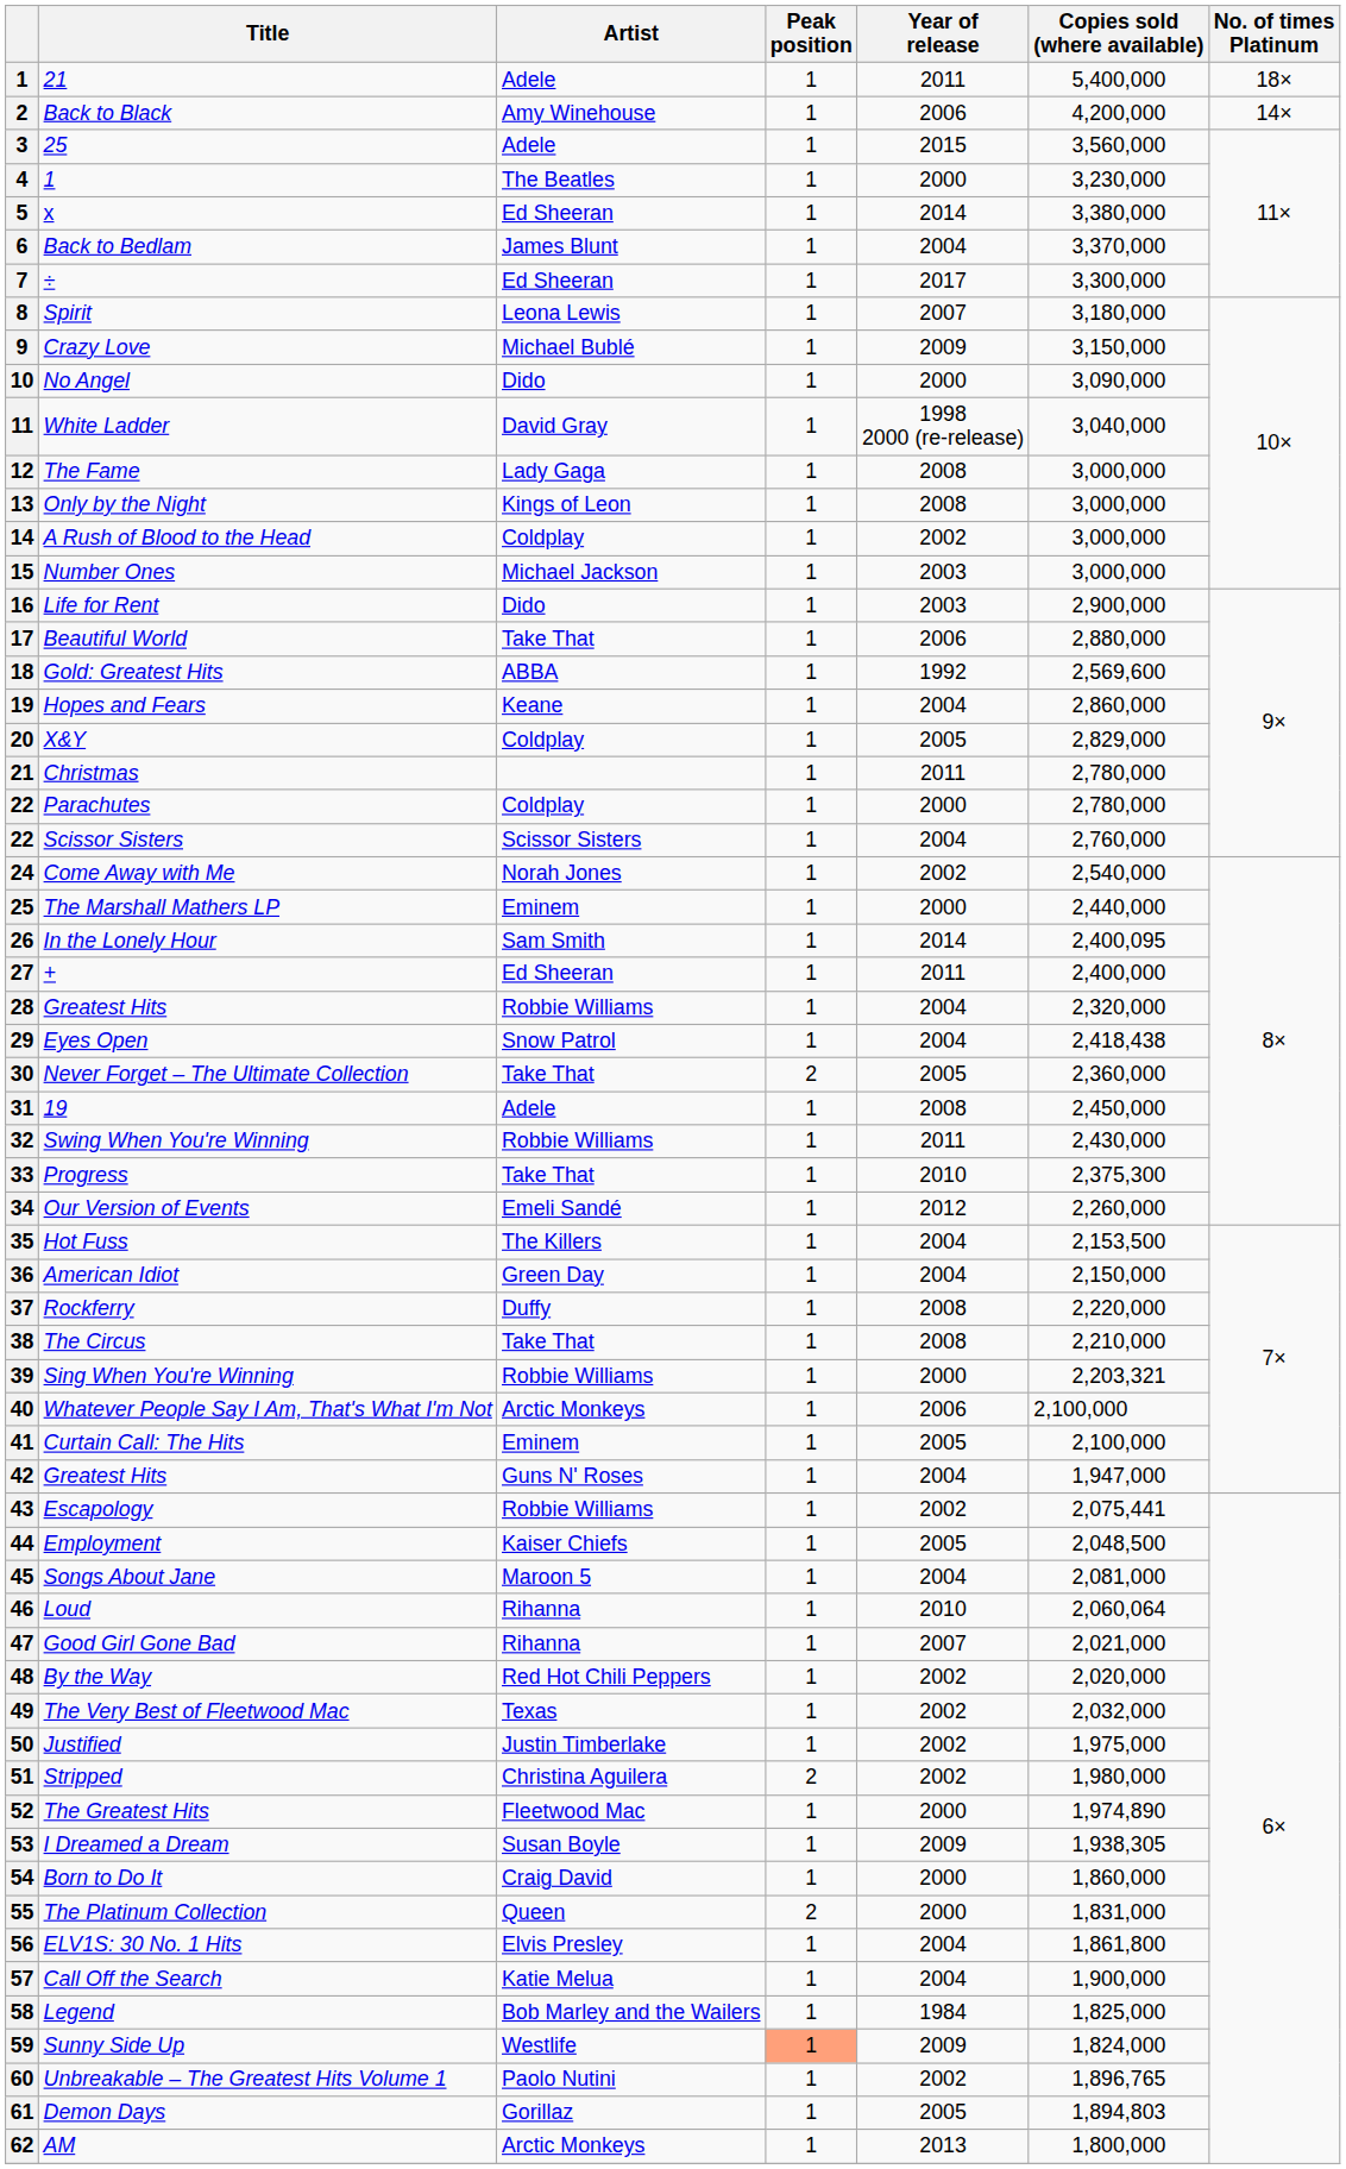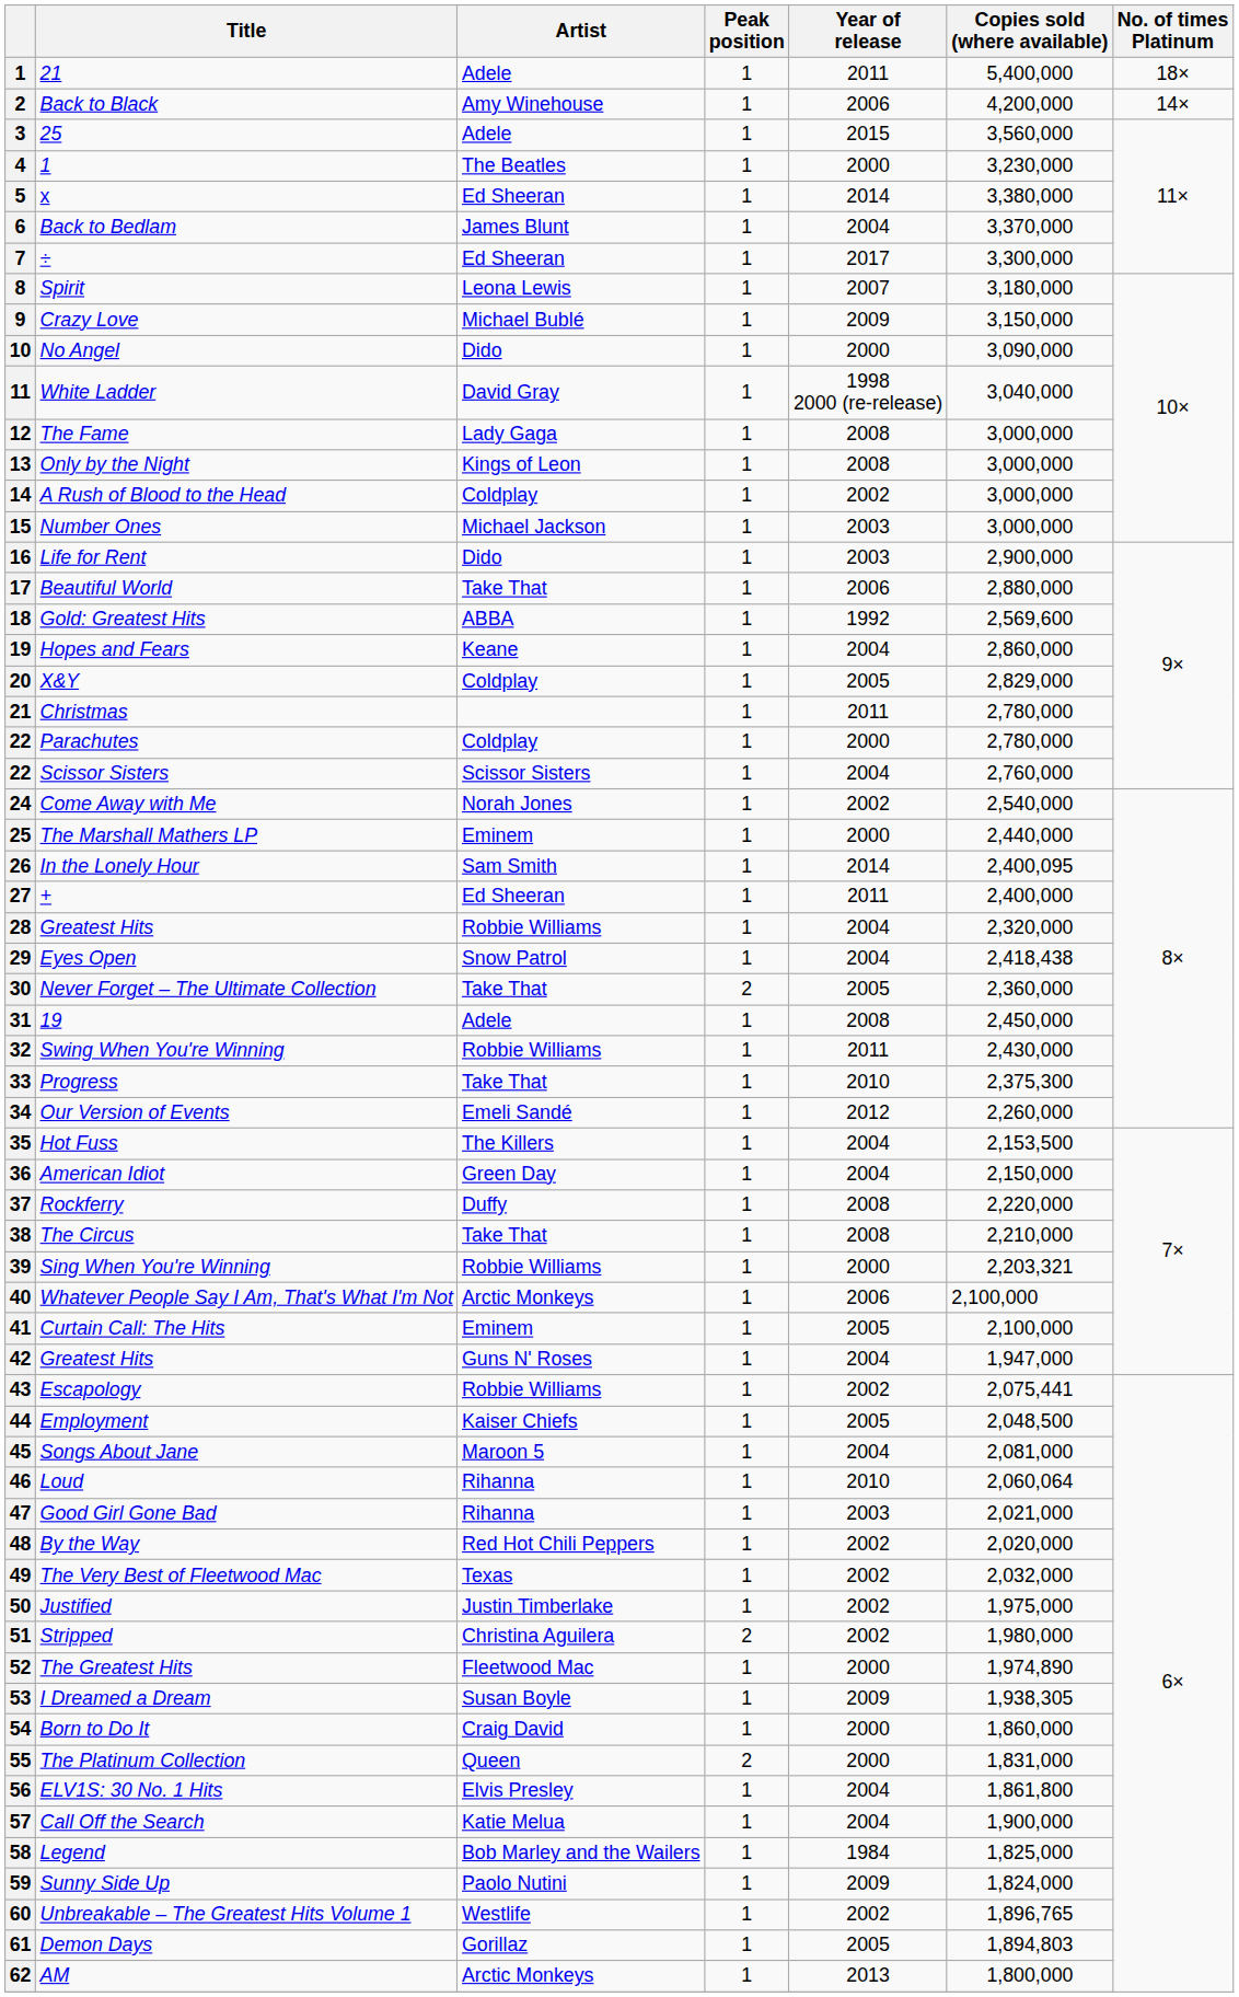 <table class="wikitable sortable plainrowheaders">
 <tr>
 <th scope="col"></th>
 <th scope="col">Title</th>
 <th scope="col">Artist</th>
 <th scope="col">Peak<br>position</th>
 <th scope="col">Year of<br>release</th>
 <th scope="col">Copies sold<br>(where available)</th>
 <th scope="col">No. of times<br>Platinum</th>
 </tr>
 <tr>
 <th scope=row style="text-align:center;">1</th>
 <td><em><a href='#'>21</a></em></td>
 <td><a href='#'>Adele</a></td>
 <td style="text-align:center;">1</td>
 <td style="text-align:center;">2011</td>
 <td style="text-align:center;">5,400,000</td>
 <td style="text-align:center;">18×</td>
 </tr>
 <tr>
 <th scope=row style="text-align:center;">2</th>
 <td><em><a href='#'>Back to Black</a></em></td>
 <td><a href='#'>Amy Winehouse</a></td>
 <td style="text-align:center;">1</td>
 <td style="text-align:center;">2006</td>
 <td style="text-align:center;">4,200,000</td>
 <td style="text-align:center;">14×</td>
 </tr>
 <tr>
 <th scope=row style="text-align:center;">3</th>
 <td><em><a href='#'>25</a></em></td>
 <td><a href='#'>Adele</a></td>
 <td style="text-align:center;">1</td>
 <td style="text-align:center;">2015</td>
 <td style="text-align:center;">3,560,000</td>
 <td style="text-align:center;" rowspan=5>11×</td>
 </tr>
 <tr>
 <th scope=row style="text-align:center;">4</th>
 <td><em><a href='#'>1</a></em></td>
 <td><a href='#'>The Beatles</a></td>
 <td style="text-align:center;">1</td>
 <td style="text-align:center;">2000</td>
 <td style="text-align:center;">3,230,000</td>
 </tr>
 <tr>
 <th scope=row style="text-align:center;">5</th>
 <td><a href='#'>x</a></td>
 <td><a href='#'>Ed Sheeran</a></td>
 <td style="text-align:center;">1</td>
 <td style="text-align:center;">2014</td>
 <td style="text-align:center;">3,380,000</td>
 </tr>
 <tr>
 <th scope=row style="text-align:center;">6</th>
 <td><em><a href='#'>Back to Bedlam</a></em></td>
 <td><a href='#'>James Blunt</a></td>
 <td style="text-align:center;">1</td>
 <td style="text-align:center;">2004</td>
 <td style="text-align:center;">3,370,000</td>
 </tr>
 <tr>
 <th scope=row style="text-align:center;">7</th>
 <td><em><a href='#'>÷</a></em></td>
 <td><a href='#'>Ed Sheeran</a></td>
 <td style="text-align:center;">1</td>
 <td style="text-align:center;">2017</td>
 <td style="text-align:center;">3,300,000</td>
 </tr>
 <tr>
 <th scope=row style="text-align:center;">8</th>
 <td><em><a href='#'>Spirit</a></em></td>
 <td><a href='#'>Leona Lewis</a></td>
 <td style="text-align:center;">1</td>
 <td style="text-align:center;">2007</td>
 <td style="text-align:center;">3,180,000</td>
 <td style="text-align:center;"rowspan="8">10×</td>
 </tr>
 <tr>
 <th scope=row style="text-align:center;">9</th>
 <td><em><a href='#'>Crazy Love</a></em></td>
 <td><a href='#'>Michael Bublé</a></td>
 <td style="text-align:center;">1</td>
 <td style="text-align:center;">2009</td>
 <td style="text-align:center;">3,150,000</td>
 </tr>
 <tr>
 <th scope=row style="text-align:center;">10</th>
 <td><em><a href='#'>No Angel</a></em></td>
 <td><a href='#'>Dido</a></td>
 <td style="text-align:center;">1</td>
 <td style="text-align:center;">2000</td>
 <td style="text-align:center;">3,090,000</td>
 </tr>
 <tr>
 <th scope=row style="text-align:center;">11</th>
 <td><em><a href='#'>White Ladder</a></em></td>
 <td><a href='#'>David Gray</a></td>
 <td style="text-align:center;">1</td>
 <td style="text-align:center;">1998<br>2000 (re-release)</td>
 <td style="text-align:center;">3,040,000</td>
 </tr>
 <tr>
 <th scope=row style="text-align:center;">12</th>
 <td><em><a href='#'>The Fame</a></em></td>
 <td><a href='#'>Lady Gaga</a></td>
 <td style="text-align:center;">1</td>
 <td style="text-align:center;">2008</td>
 <td style="text-align:center;">3,000,000</td>
 </tr>
 <tr>
 <th scope=row style="text-align:center;">13</th>
 <td><em><a href='#'>Only by the Night</a></em></td>
 <td><a href='#'>Kings of Leon</a></td>
 <td style="text-align:center;">1</td>
 <td style="text-align:center;">2008</td>
 <td style="text-align:center;">3,000,000</td>
 </tr>
 <tr>
 <th scope=row style="text-align:center;">14</th>
 <td><em><a href='#'>A Rush of Blood to the Head</a></em></td>
 <td><a href='#'>Coldplay</a></td>
 <td style="text-align:center;">1</td>
 <td style="text-align:center;">2002</td>
 <td style="text-align:center;">3,000,000</td>
 </tr>
 <tr>
 <th scope=row style="text-align:center;">15</th>
 <td><em><a href='#'>Number Ones</a></em></td>
 <td><a href='#'>Michael Jackson</a></td>
 <td style="text-align:center;">1</td>
 <td style="text-align:center;">2003</td>
 <td style="text-align:center;">3,000,000</td>
 </tr>
 <tr>
 <th scope=row style="text-align:center;">16</th>
 <td><em><a href='#'>Life for Rent</a></em></td>
 <td><a href='#'>Dido</a></td>
 <td style="text-align:center;">1</td>
 <td style="text-align:center;">2003</td>
 <td style="text-align:center;">2,900,000</td>
 <td style="text-align:center;"rowspan=8>9×</td>
 </tr>
 <tr>
 <th scope=row style="text-align:center;">17</th>
 <td><em><a href='#'>Beautiful World</a></em></td>
 <td><a href='#'>Take That</a></td>
 <td style="text-align:center;">1</td>
 <td style="text-align:center;">2006</td>
 <td style="text-align:center;">2,880,000</td>
 </tr>
 <tr>
 <th scope=row style="text-align:center;">18</th>
 <td><em><a href='#'>Gold: Greatest Hits</a></em></td>
 <td><a href='#'>ABBA</a></td>
 <td style="text-align:center;">1</td>
 <td style="text-align:center;">1992</td>
 <td style="text-align:center;">2,569,600</td>
 </tr>
 <tr>
 <th scope=row style="text-align:center;">19</th>
 <td><em><a href='#'>Hopes and Fears</a></em></td>
 <td><a href='#'>Keane</a></td>
 <td style="text-align:center;">1</td>
 <td style="text-align:center;">2004</td>
 <td style="text-align:center;">2,860,000</td>
 </tr>
 <tr>
 <th scope=row style="text-align:center;">20</th>
 <td><em><a href='#'>X&Y</a></em></td>
 <td><a href='#'>Coldplay</a></td>
 <td style="text-align:center;">1</td>
 <td style="text-align:center;">2005</td>
 <td style="text-align:center;">2,829,000</td>
 </tr>
 <tr>
 <th scope=row style="text-align:center;">21</th>
 <td><em><a href='#'>Christmas</a></em></td>
 <td></td>
 <td style="text-align:center;">1</td>
 <td style="text-align:center;">2011</td>
 <td style="text-align:center;">2,780,000</td>
 </tr>
 <tr>
 <th scope=row style="text-align:center;">22</th>
 <td><em><a href='#'>Parachutes</a></em></td>
 <td><a href='#'>Coldplay</a></td>
 <td style="text-align:center;">1</td>
 <td style="text-align:center;">2000</td>
 <td style="text-align:center;">2,780,000</td>
 </tr>
 <tr>
 <th scope=row style="text-align:center;">22</th>
 <td><em><a href='#'>Scissor Sisters</a></em></td>
 <td><a href='#'>Scissor Sisters</a></td>
 <td style="text-align:center;">1</td>
 <td style="text-align:center;">2004</td>
 <td style="text-align:center;">2,760,000</td>
 </tr>
 <tr>
 <th scope=row style="text-align:center;">24</th>
 <td><em><a href='#'>Come Away with Me</a></em></td>
 <td><a href='#'>Norah Jones</a></td>
 <td style="text-align:center;">1</td>
 <td style="text-align:center;">2002</td>
 <td style="text-align:center;">2,540,000</td>
 <td style="text-align:center;"rowspan=11>8×</td>
 </tr>
 <tr>
 <th scope=row style="text-align:center;">25</th>
 <td><em><a href='#'>The Marshall Mathers LP</a></em></td>
 <td><a href='#'>Eminem</a></td>
 <td style="text-align:center;">1</td>
 <td style="text-align:center;">2000</td>
 <td style="text-align:center;">2,440,000</td>
 </tr>
 <tr>
 <th scope=row style="text-align:center;">26</th>
 <td><em><a href='#'>In the Lonely Hour</a></em></td>
 <td><a href='#'>Sam Smith</a></td>
 <td style="text-align:center;">1</td>
 <td style="text-align:center;">2014</td>
 <td style="text-align:center;">2,400,095</td>
 </tr>
 <tr>
 <th scope=row style="text-align:center;">27</th>
 <td><em><a href='#'>+</a></em></td>
 <td><a href='#'>Ed Sheeran</a></td>
 <td style="text-align:center;">1</td>
 <td style="text-align:center;">2011</td>
 <td style="text-align:center;">2,400,000</td>
 </tr>
 <tr>
 <th scope=row style="text-align:center;">28</th>
 <td><em><a href='#'>Greatest Hits</a></em></td>
 <td><a href='#'>Robbie Williams</a></td>
 <td style="text-align:center;">1</td>
 <td style="text-align:center;">2004</td>
 <td style="text-align:center;">2,320,000</td>
 </tr>
 <tr>
 <th scope=row style="text-align:center;">29</th>
 <td><em><a href='#'>Eyes Open</a></em></td>
 <td><a href='#'>Snow Patrol</a></td>
 <td style="text-align:center;">1</td>
 <td style="text-align:center;">2004</td>
 <td style="text-align:center;">2,418,438</td>
 </tr>
 <tr>
 <th scope=row style="text-align:center;">30</th>
 <td><em><a href='#'>Never Forget – The Ultimate Collection</a></em></td>
 <td><a href='#'>Take That</a></td>
 <td style="text-align:center;">2</td>
 <td style="text-align:center;">2005</td>
 <td style="text-align:center;">2,360,000</td>
 </tr>
 <tr>
 <th scope=row style="text-align:center;">31</th>
 <td><em><a href='#'>19</a></em></td>
 <td><a href='#'>Adele</a></td>
 <td style="text-align:center;">1</td>
 <td style="text-align:center;">2008</td>
 <td style="text-align:center;">2,450,000</td>
 </tr>
 <tr>
 <th scope=row style="text-align:center;">32</th>
 <td><em><a href='#'>Swing When You're Winning</a></em></td>
 <td><a href='#'>Robbie Williams</a></td>
 <td style="text-align:center;">1</td>
 <td style="text-align:center;">2011</td>
 <td style="text-align:center;">2,430,000</td>
 </tr>
 <tr>
 <th scope=row style="text-align:center;">33</th>
 <td><em><a href='#'>Progress</a></em></td>
 <td><a href='#'>Take That</a></td>
 <td style="text-align:center;">1</td>
 <td style="text-align:center;">2010</td>
 <td style="text-align:center;">2,375,300</td>
 </tr>
 <tr>
 <th scope=row style="text-align:center;">34</th>
 <td><em><a href='#'>Our Version of Events</a></em></td>
 <td><a href='#'>Emeli Sandé</a></td>
 <td style="text-align:center;">1</td>
 <td style="text-align:center;">2012</td>
 <td style="text-align:center;">2,260,000</td>
 </tr>
 <tr>
 <th scope=row style="text-align:center;">35</th>
 <td><em><a href='#'>Hot Fuss</a></em></td>
 <td><a href='#'>The Killers</a></td>
 <td style="text-align:center;">1</td>
 <td style="text-align:center;">2004</td>
 <td style="text-align:center;">2,153,500</td>
 <td rowspan="8" style="text-align:center;">7×</td>
 </tr>
 <tr>
 <th scope=row style="text-align:center;">36</th>
 <td><em><a href='#'>American Idiot</a></em></td>
 <td><a href='#'>Green Day</a></td>
 <td style="text-align:center;">1</td>
 <td style="text-align:center;">2004</td>
 <td style="text-align:center;">2,150,000</td>
 </tr>
 <tr>
 <th scope=row style="text-align:center;">37</th>
 <td><em><a href='#'>Rockferry</a></em></td>
 <td><a href='#'>Duffy</a></td>
 <td style="text-align:center;">1</td>
 <td style="text-align:center;">2008</td>
 <td style="text-align:center;">2,220,000</td>
 </tr>
 <tr>
 <th scope=row style="text-align:center;">38</th>
 <td><em><a href='#'>The Circus</a></em></td>
 <td><a href='#'>Take That</a></td>
 <td style="text-align:center;">1</td>
 <td style="text-align:center;">2008</td>
 <td style="text-align:center;">2,210,000</td>
 </tr>
 <tr>
 <th scope=row style="text-align:center;">39</th>
 <td><em><a href='#'>Sing When You're Winning</a></em></td>
 <td><a href='#'>Robbie Williams</a></td>
 <td style="text-align:center;">1</td>
 <td style="text-align:center;">2000</td>
 <td style="text-align:center;">2,203,321</td>
 </tr>
 <tr>
 <th scope=row style="text-align:center;">40</th>
 <td><em><a href='#'>Whatever People Say I Am, That's What I'm Not</a></em></td>
 <td><a href='#'>Arctic Monkeys</a></td>
 <td style="text-align:center;">1</td>
 <td style="text-align:center;">2006</td>
 <td>2,100,000 </td>
 </tr>
 <tr>
 <th scope="row" style="text-align:center;">41</th>
 <td><em><a href='#'>Curtain Call: The Hits</a></em></td>
 <td><a href='#'>Eminem</a></td>
 <td style="text-align:center;">1</td>
 <td style="text-align:center;">2005</td>
 <td style="text-align:center;">2,100,000</td>
 </tr>
 <tr>
 <th scope="row" style="text-align:center;">42</th>
 <td><em><a href='#'>Greatest Hits</a></em></td>
 <td><a href='#'>Guns N' Roses</a></td>
 <td style="text-align:center;">1</td>
 <td style="text-align:center;">2004</td>
 <td style="text-align:center;">1,947,000</td>
 </tr>
 <tr>
 <th scope="row" style="text-align:center;">43</th>
 <td><em><a href='#'>Escapology</a></em></td>
 <td><a href='#'>Robbie Williams</a></td>
 <td style="text-align:center;">1</td>
 <td style="text-align:center;">2002</td>
 <td style="text-align:center;">2,075,441</td>
 <td rowspan="21" style="text-align:center;">6×</td>
 </tr>
 <tr>
 <th scope="row" style="text-align:center;">44</th>
 <td><em><a href='#'>Employment</a></em></td>
 <td><a href='#'>Kaiser Chiefs</a></td>
 <td style="text-align:center;">1</td>
 <td style="text-align:center;">2005</td>
 <td style="text-align:center;">2,048,500</td>
 </tr>
 <tr>
 <th scope="row" style="text-align:center;">45</th>
 <td><em><a href='#'>Songs About Jane</a></em></td>
 <td><a href='#'>Maroon 5</a></td>
 <td style="text-align:center;">1</td>
 <td style="text-align:center;">2004</td>
 <td style="text-align:center;">2,081,000</td>
 </tr>
 <tr>
 <th scope="row" style="text-align:center;">46</th>
 <td><em><a href='#'>Loud</a></em></td>
 <td><a href='#'>Rihanna</a></td>
 <td style="text-align:center;">1</td>
 <td style="text-align:center;">2010</td>
 <td style="text-align:center;">2,060,064</td>
 </tr>
 <tr>
 <th scope="row" style="text-align:center;">47</th>
 <td><em><a href='#'>Good Girl Gone Bad</a></em></td>
 <td><a href='#'>Rihanna</a></td>
 <td style="text-align:center;">1</td>
-<td style="text-align:center;">2007</td>
+<td style="text-align:center;">2003</td>
 <td style="text-align:center;">2,021,000</td>
 </tr>
 <tr>
 <th scope="row" style="text-align:center;">48</th>
 <td><em><a href='#'>By the Way</a></em></td>
 <td><a href='#'>Red Hot Chili Peppers</a></td>
 <td style="text-align:center;">1</td>
 <td style="text-align:center;">2002</td>
 <td style="text-align:center;">2,020,000</td>
 </tr>
 <tr>
 <th scope="row" style="text-align:center;">49</th>
 <td><em><a href='#'>The Very Best of Fleetwood Mac</a></em></td>
 <td><a href='#'>Texas</a></td>
 <td style="text-align:center;">1</td>
 <td style="text-align:center;">2002</td>
 <td style="text-align:center;">2,032,000</td>
 </tr>
 <tr>
 <th scope="row" style="text-align:center;">50</th>
 <td><em><a href='#'>Justified</a></em></td>
 <td><a href='#'>Justin Timberlake</a></td>
 <td style="text-align:center;">1</td>
 <td style="text-align:center;">2002</td>
 <td style="text-align:center;">1,975,000</td>
 </tr>
 <tr>
 <th scope="row" style="text-align:center;">51</th>
 <td><em><a href='#'>Stripped</a></em></td>
 <td><a href='#'>Christina Aguilera</a></td>
 <td style="text-align:center;">2</td>
 <td style="text-align:center;">2002</td>
 <td style="text-align:center;">1,980,000</td>
 </tr>
 <tr>
 <th scope="row" style="text-align:center;">52</th>
 <td><em><a href='#'>The Greatest Hits</a></em></td>
 <td><a href='#'>Fleetwood Mac</a></td>
 <td style="text-align:center;">1</td>
 <td style="text-align:center;">2000</td>
 <td style="text-align:center;">1,974,890</td>
 </tr>
 <tr>
 <th scope="row" style="text-align:center;">53</th>
 <td><em><a href='#'>I Dreamed a Dream</a></em></td>
 <td><a href='#'>Susan Boyle</a></td>
 <td style="text-align:center;">1</td>
 <td style="text-align:center;">2009</td>
 <td style="text-align:center;">1,938,305</td>
 </tr>
 <tr>
 <th scope="row" style="text-align:center;">54</th>
 <td><em><a href='#'>Born to Do It</a></em></td>
 <td><a href='#'>Craig David</a></td>
 <td style="text-align:center;">1</td>
 <td style="text-align:center;">2000</td>
 <td style="text-align:center;">1,860,000</td>
 </tr>
 <tr>
 <th scope="row" style="text-align:center;">55</th>
 <td><em><a href='#'>The Platinum Collection</a></em></td>
 <td><a href='#'>Queen</a></td>
 <td style="text-align:center;">2</td>
 <td style="text-align:center;">2000</td>
 <td style="text-align:center;">1,831,000</td>
 </tr>
 <tr>
 <th scope="row" style="text-align:center;">56</th>
 <td><em><a href='#'>ELV1S: 30 No. 1 Hits</a></em></td>
 <td><a href='#'>Elvis Presley</a></td>
 <td style="text-align:center;">1</td>
 <td style="text-align:center;">2004</td>
 <td style="text-align:center;">1,861,800</td>
 </tr>
 <tr>
 <th scope="row" style="text-align:center;">57</th>
 <td><em><a href='#'>Call Off the Search</a></em></td>
 <td><a href='#'>Katie Melua</a></td>
 <td style="text-align:center;">1</td>
 <td style="text-align:center;">2004</td>
 <td style="text-align:center;">1,900,000</td>
 </tr>
 <tr>
 <th scope="row" style="text-align:center;">58</th>
 <td><em><a href='#'>Legend</a></em></td>
 <td><a href='#'>Bob Marley and the Wailers</a></td>
 <td style="text-align:center;">1</td>
 <td style="text-align:center;">1984</td>
 <td style="text-align:center;">1,825,000</td>
 </tr>
 <tr>
 <th scope="row" style="text-align:center;">59</th>
 <td><em><a href='#'>Sunny Side Up</a></em></td>
-<td><a href='#'>Westlife</a></td>
-<td style="background: lightsalmon; text-align:center;">1</td>
+<td><a href='#'>Paolo Nutini</a></td>
+<td style="text-align:center;">1</td>
 <td style="text-align:center;">2009</td>
 <td style="text-align:center;">1,824,000</td>
 </tr>
 <tr>
 <th scope="row" style="text-align:center;">60</th>
 <td><em><a href='#'>Unbreakable – The Greatest Hits Volume 1</a></em></td>
-<td><a href='#'>Paolo Nutini</a></td>
+<td><a href='#'>Westlife</a></td>
 <td style="text-align:center;">1</td>
 <td style="text-align:center;">2002</td>
 <td style="text-align:center;">1,896,765</td>
 </tr>
 <tr>
 <th scope="row" style="text-align:center;">61</th>
 <td><em><a href='#'>Demon Days</a></em></td>
 <td><a href='#'>Gorillaz</a></td>
 <td style="text-align:center;">1</td>
 <td style="text-align:center;">2005</td>
 <td style="text-align:center;">1,894,803</td>
 </tr>
 <tr>
 <th scope="row" style="text-align:center;">62</th>
 <td><em><a href='#'>AM</a></em></td>
 <td><a href='#'>Arctic Monkeys</a></td>
 <td style="text-align:center;">1</td>
 <td style="text-align:center;">2013</td>
 <td style="text-align:center;">1,800,000</td>
 </tr>
 <tr>
 </tr>
 </table>
